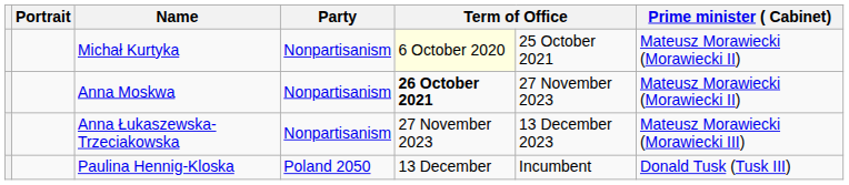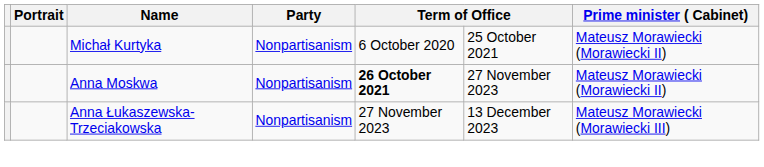 <table class="wikitable">
 <tr>
 <th></th>
 <th>Portrait</th>
 <th>Name</th>
 <th>Party</th>
 <th colspan="2">Term of Office</th>
 <th><a href='#'>Prime minister</a> ( Cabinet)</th>
 </tr>
 <tr>
 <th style="background:"></th>
 <td></td>
 <td><a href='#'>Michał Kurtyka</a></td>
 <td><a href='#'>Nonpartisanism</a></td>
-<td style="background: lightyellow;">6 October 2020</td>
+<td>6 October 2020</td>
 <td>25 October 2021</td>
 <td><a href='#'>Mateusz Morawiecki</a> (<a href='#'>Morawiecki II</a>)</td>
 </tr>
 <tr>
 <th style="background:"></th>
 <td></td>
 <td><a href='#'>Anna Moskwa</a></td>
 <td><a href='#'>Nonpartisanism</a></td>
 <td><strong>26 October 2021</strong></td>
 <td>27 November 2023</td>
 <td><a href='#'>Mateusz Morawiecki</a> (<a href='#'>Morawiecki II</a>)</td>
 </tr>
 <tr>
 <th style="background:"></th>
 <td></td>
 <td><a href='#'>Anna Łukaszewska-Trzeciakowska</a></td>
 <td><a href='#'>Nonpartisanism</a></td>
 <td>27 November 2023</td>
 <td>13 December 2023</td>
 <td><a href='#'>Mateusz Morawiecki</a> (<a href='#'>Morawiecki III</a>)</td>
 </tr>
-<tr>
-<th style="background:"></th>
-<td></td>
-<td><a href='#'>Paulina Hennig-Kloska</a></td>
-<td><a href='#'>Poland 2050</a></td>
-<td>13 December</td>
-<td>Incumbent</td>
-<td><a href='#'>Donald Tusk</a> (<a href='#'>Tusk III</a>)</td>
-</tr>
 </table>
